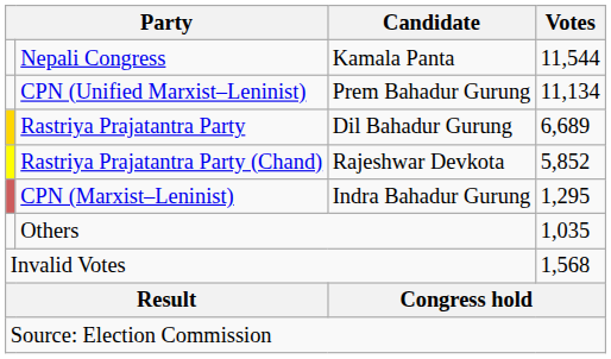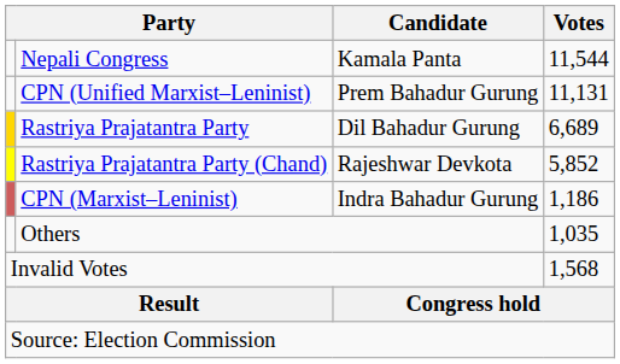 <table class="wikitable">
 <tr>
 <th colspan="2">Party</th>
 <th>Candidate</th>
 <th>Votes</th>
 </tr>
 <tr>
 <td style="background-color:"></td>
 <td><a href='#'>Nepali Congress</a></td>
 <td>Kamala Panta</td>
 <td>11,544</td>
 </tr>
 <tr>
 <td style="background-color:"></td>
 <td><a href='#'>CPN (Unified Marxist–Leninist)</a></td>
 <td>Prem Bahadur Gurung</td>
-<td>11,134</td>
+<td>11,131</td>
 </tr>
 <tr>
 <td style="background-color:gold"></td>
 <td><a href='#'>Rastriya Prajatantra Party</a></td>
 <td>Dil Bahadur Gurung</td>
 <td>6,689</td>
 </tr>
 <tr>
 <td style="background-color:yellow"></td>
 <td><a href='#'>Rastriya Prajatantra Party (Chand)</a></td>
 <td>Rajeshwar Devkota</td>
 <td>5,852</td>
 </tr>
 <tr>
 <td style="background-color:indianred"></td>
 <td><a href='#'>CPN (Marxist–Leninist)</a></td>
 <td>Indra Bahadur Gurung</td>
-<td>1,295</td>
+<td>1,186</td>
 </tr>
 <tr>
 <td></td>
 <td colspan="2">Others</td>
 <td>1,035</td>
 </tr>
 <tr>
 <td colspan="3">Invalid Votes</td>
 <td>1,568</td>
 </tr>
 <tr>
 <th colspan="2">Result</th>
 <th colspan="2">Congress hold</th>
 </tr>
 <tr>
 <td colspan="4">Source: Election Commission</td>
 </tr>
 </table>
